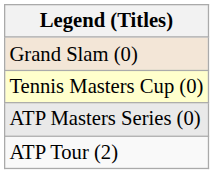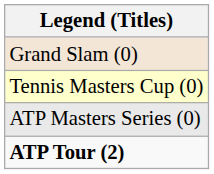 <table class="wikitable">
 <tr>
 <th>Legend (Titles)</th>
 </tr>
 <tr bgcolor="#F3E6D7">
 <td>Grand Slam (0)</td>
 </tr>
 <tr bgcolor="ffffcc">
 <td>Tennis Masters Cup (0)</td>
 </tr>
 <tr bgcolor="#e9e9e9">
 <td>ATP Masters Series (0)</td>
 </tr>
 <tr>
-<td>ATP Tour (2)</td>
+<td><strong>ATP Tour (2)</strong></td>
 </tr>
 </table>
